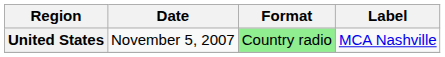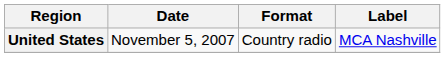 <table class="wikitable plainrowheaders">
 <tr>
 <th>Region</th>
 <th>Date</th>
 <th>Format</th>
 <th>Label</th>
 </tr>
 <tr>
 <th scope="row">United States</th>
 <td>November 5, 2007</td>
-<td style="background: lightgreen;">Country radio</td>
+<td>Country radio</td>
 <td><a href='#'>MCA Nashville</a></td>
 </tr>
 <tr>
 </tr>
 </table>
